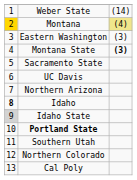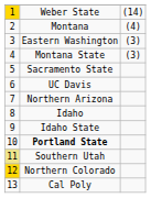 <table class="wikitable" style="display: inline-table;">
 <tr align="center">
 </tr>
 <tr align="center">
-<td>1</td>
+<td style="background: gold;">1</td>
 <td>Weber State</td>
 <td>(14)</td>
 </tr>
 <tr align="center">
-<td style="background: gold;">2</td>
+<td>2</td>
 <td>Montana</td>
-<td style="background: khaki;">(4)</td>
+<td>(4)</td>
 </tr>
 <tr align="center">
 <td>3</td>
 <td>Eastern Washington</td>
 <td>(3)</td>
 </tr>
 <tr align="center">
 <td>4</td>
 <td>Montana State</td>
-<td><strong>(3)</strong></td>
+<td>(3)</td>
 </tr>
 <tr align="center">
 <td>5</td>
 <td>Sacramento State</td>
 <td></td>
 </tr>
 <tr align="center">
 <td>6</td>
 <td>UC Davis</td>
 <td></td>
 </tr>
 <tr align="center">
 <td>7</td>
 <td>Northern Arizona</td>
 <td></td>
 </tr>
 <tr align="center">
-<td><strong>8</strong></td>
+<td>8</td>
 <td>Idaho</td>
 <td></td>
 </tr>
 <tr align="center">
-<td style="background: lightgrey;">9</td>
+<td>9</td>
 <td>Idaho State</td>
 <td></td>
 </tr>
 <tr align="center">
 <td>10</td>
 <td><strong>Portland State</strong></td>
 <td></td>
 </tr>
 <tr align="center">
-<td>11</td>
+<td style="background: khaki;">11</td>
 <td>Southern Utah</td>
 <td></td>
 </tr>
 <tr align="center">
-<td>12</td>
+<td style="background: gold;">12</td>
 <td>Northern Colorado</td>
 <td></td>
 </tr>
 <tr align="center">
 <td>13</td>
 <td>Cal Poly</td>
 <td></td>
 </tr>
 </table>
